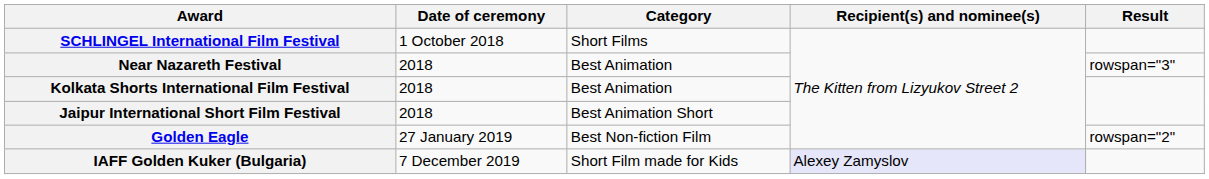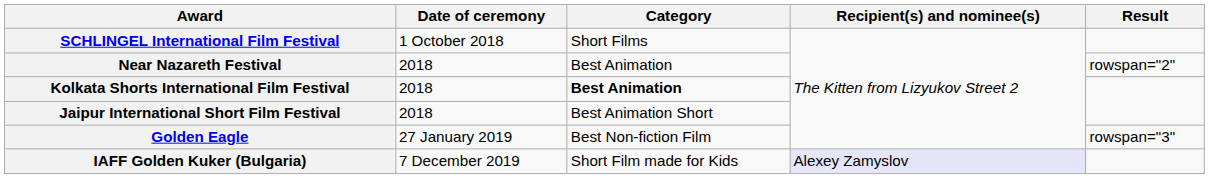 <table class="wikitable sortable plainrowheaders" style="width: 100%;">
 <tr>
 <th scope="col">Award</th>
 <th scope="col">Date of ceremony</th>
 <th scope="col">Category</th>
 <th scope="col">Recipient(s) and nominee(s)</th>
 <th scope="col">Result</th>
 </tr>
 <tr>
 <th scope="row"><a href='#'>SCHLINGEL International Film Festival</a></th>
 <td>1 October 2018</td>
 <td>Short Films</td>
 <td rowspan="5"><em>The Kitten from Lizyukov Street</em> <em>2</em></td>
 <td></td>
 </tr>
 <tr>
 <th scope="row">Near Nazareth Festival</th>
 <td>2018</td>
 <td>Best Animation</td>
-<td>rowspan="3"</td>
+<td>rowspan="2"</td>
 </tr>
 <tr>
 <th scope="row">Kolkata Shorts International Film Festival</th>
 <td>2018</td>
-<td>Best Animation</td>
+<td><strong>Best Animation</strong></td>
 </tr>
 <tr>
 <th scope="row">Jaipur International Short Film Festival</th>
 <td>2018</td>
 <td>Best Animation Short</td>
 </tr>
 <tr>
 <th scope="row"><a href='#'>Golden Eagle</a></th>
 <td>27 January 2019</td>
 <td>Best Non-fiction Film</td>
-<td>rowspan="2"</td>
+<td>rowspan="3"</td>
 </tr>
 <tr>
 <th scope="row">IAFF Golden Kuker (Bulgaria)</th>
 <td>7 December 2019</td>
 <td>Short Film made for Kids</td>
 <td style="background: lavender;">Alexey Zamyslov</td>
 </tr>
 </table>
